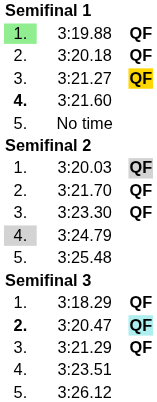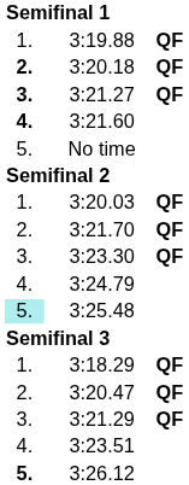 <table style="text-align:center">
 <tr>
 <td colspan=4 align=left><strong>Semifinal 1</strong></td>
 </tr>
 <tr>
-<td width=30 style="background: lightgreen;">1.</td>
+<td width=30>1.</td>
 <td align=left></td>
 <td width=80>3:19.88</td>
 <td><strong>QF</strong></td>
 </tr>
 <tr>
-<td>2.</td>
+<td><strong>2.</strong></td>
 <td align=left></td>
 <td>3:20.18</td>
 <td><strong>QF</strong></td>
 </tr>
 <tr>
-<td>3.</td>
+<td><strong>3.</strong></td>
 <td align=left></td>
 <td>3:21.27</td>
-<td style="background: gold;"><strong>QF</strong></td>
+<td><strong>QF</strong></td>
 </tr>
 <tr>
 <td><strong>4.</strong></td>
 <td align=left></td>
 <td>3:21.60</td>
 <td></td>
 </tr>
 <tr>
 <td>5.</td>
 <td align=left></td>
 <td>No time</td>
 <td></td>
 </tr>
 <tr>
 <td colspan=4 align=left><strong>Semifinal 2</strong></td>
 </tr>
 <tr>
 <td>1.</td>
 <td align=left></td>
 <td>3:20.03</td>
-<td style="background: lightgrey;"><strong>QF</strong></td>
+<td><strong>QF</strong></td>
 </tr>
 <tr>
 <td>2.</td>
 <td align=left></td>
 <td>3:21.70</td>
 <td><strong>QF</strong></td>
 </tr>
 <tr>
 <td>3.</td>
 <td align=left></td>
 <td>3:23.30</td>
 <td><strong>QF</strong></td>
 </tr>
 <tr>
-<td style="background: lightgrey;">4.</td>
+<td>4.</td>
 <td align=left></td>
 <td>3:24.79</td>
 <td></td>
 </tr>
 <tr>
-<td>5.</td>
+<td style="background: paleturquoise;">5.</td>
 <td align=left></td>
 <td>3:25.48</td>
 <td></td>
 </tr>
 <tr>
 <td colspan=4 align=left><strong>Semifinal 3</strong></td>
 </tr>
 <tr>
 <td>1.</td>
 <td align=left></td>
 <td>3:18.29</td>
 <td><strong>QF</strong></td>
 </tr>
 <tr>
-<td><strong>2.</strong></td>
+<td>2.</td>
 <td align=left></td>
 <td>3:20.47</td>
-<td style="background: paleturquoise;"><strong>QF</strong></td>
+<td><strong>QF</strong></td>
 </tr>
 <tr>
 <td>3.</td>
 <td align=left></td>
 <td>3:21.29</td>
 <td><strong>QF</strong></td>
 </tr>
 <tr>
 <td>4.</td>
 <td align=left></td>
 <td>3:23.51</td>
 <td></td>
 </tr>
 <tr>
-<td>5.</td>
+<td><strong>5.</strong></td>
 <td align=left></td>
 <td>3:26.12</td>
 <td></td>
 </tr>
 </table>
